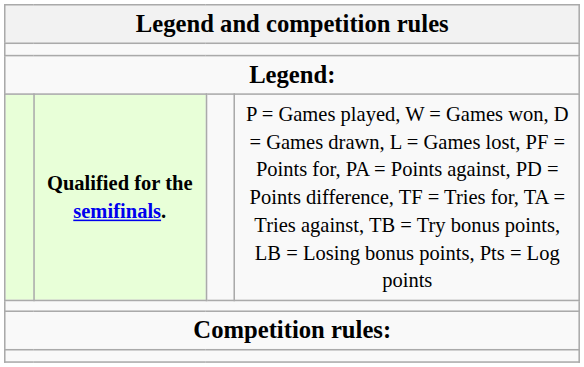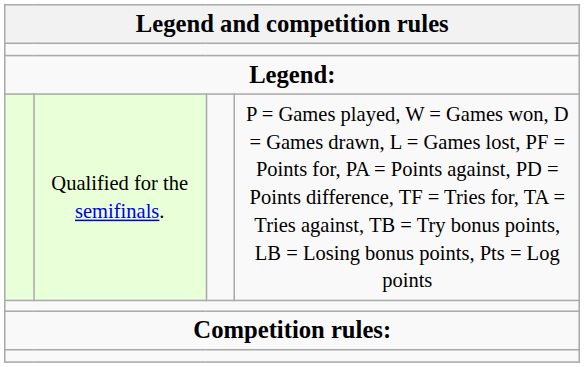 <table class="wikitable collapsible collapsed" style="text-align:center; font-size:100%; width:60%;">
 <tr>
 <th colspan="100%" style="border:0px">Legend and competition rules</th>
 </tr>
 <tr>
 <td colspan="100%"></td>
 </tr>
 <tr>
 <td colspan="100%" style="border:0px"><strong>Legend:</strong></td>
 </tr>
 <tr>
 <td style="width:5%; background:#E8FFD8"></td>
-<td style="width:30%; background:#E8FFD8"><strong><small>Qualified for the <a href='#'>semifinals</a>.</small></strong></td>
+<td style="width:30%; background:#E8FFD8"><small>Qualified for the <a href='#'>semifinals</a>.</small></td>
 <td style="width:5%;"></td>
 <td style="width:60%;"><small>P = Games played, W = Games won, D = Games drawn, L = Games lost, PF = Points for, PA = Points against, PD = Points difference, TF = Tries for, TA = Tries against, TB = Try bonus points, LB = Losing bonus points, Pts = Log points</small></td>
 </tr>
 <tr>
 <td colspan="100%"></td>
 </tr>
 <tr>
 <td colspan="100%" style="border:0px"><strong>Competition rules:</strong></td>
 </tr>
 <tr>
 <td colspan="100%"></td>
 </tr>
 </table>
